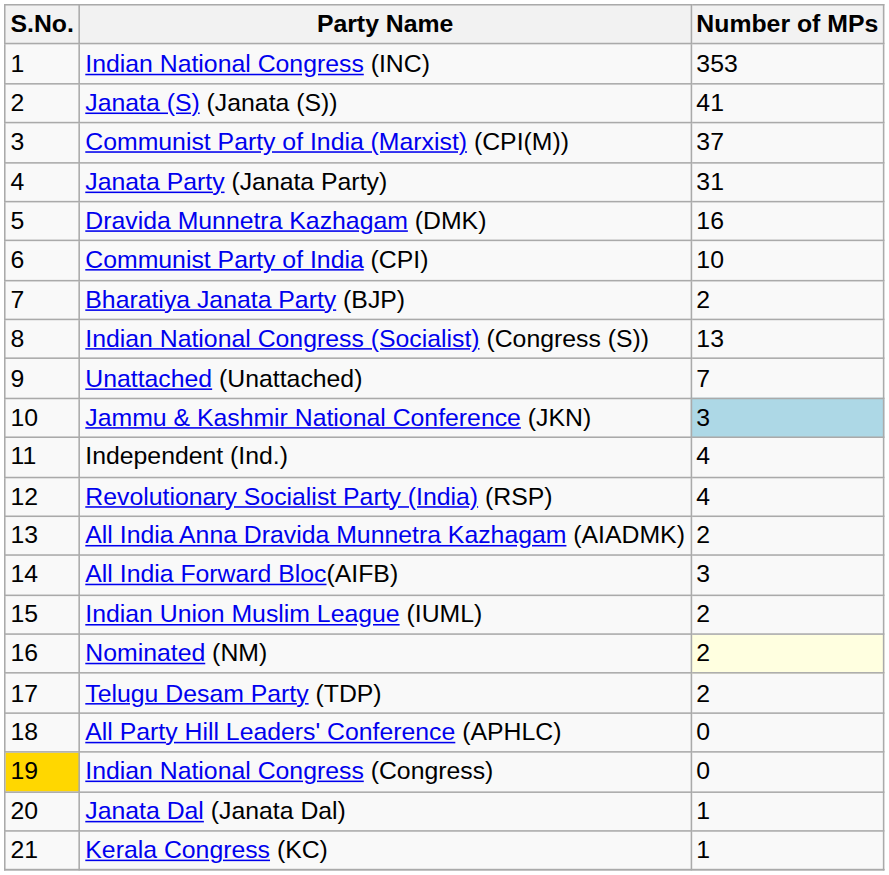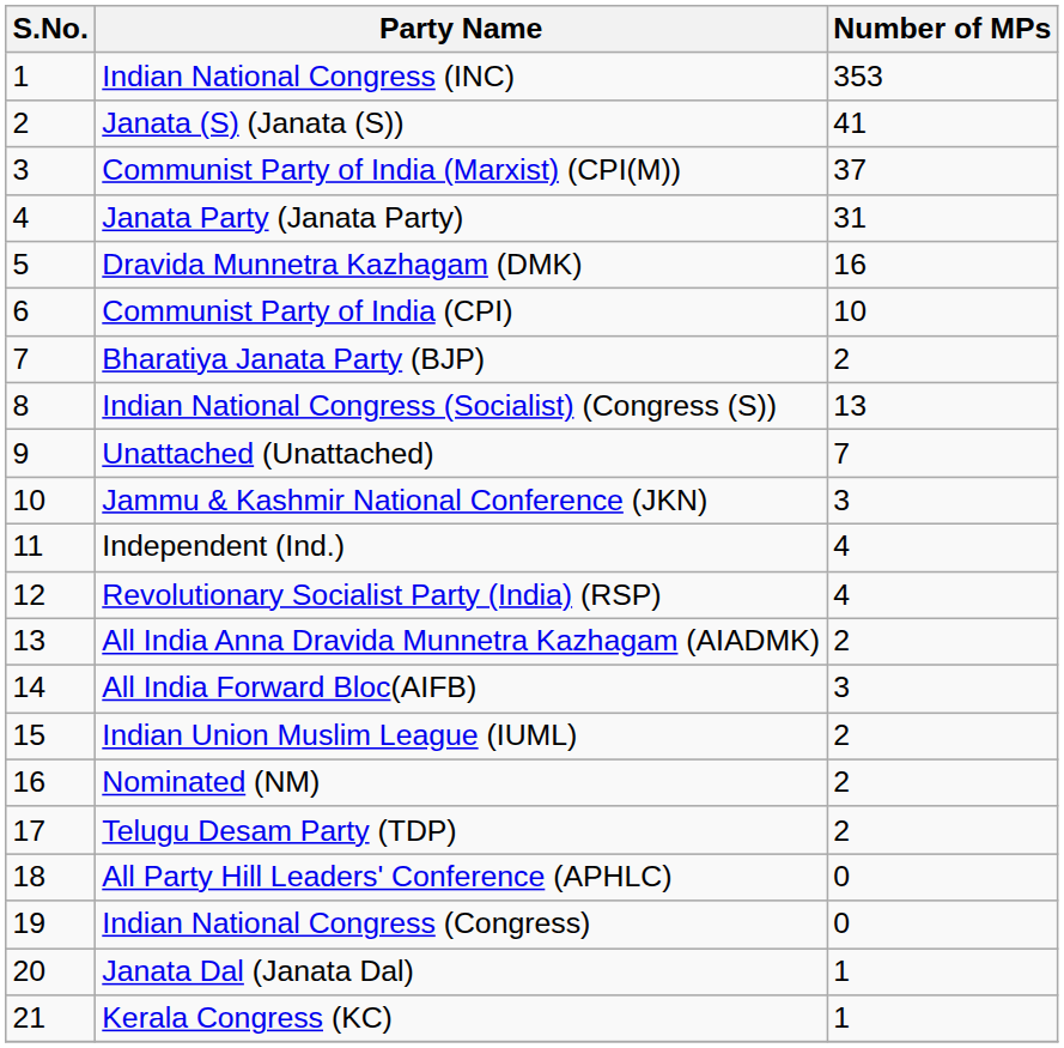 <table class="wikitable">
 <tr>
 <th>S.No.</th>
 <th>Party Name</th>
 <th>Number of MPs</th>
 </tr>
 <tr>
 <td>1</td>
 <td><a href='#'>Indian National Congress</a> (INC)</td>
 <td>353</td>
 </tr>
 <tr>
 <td>2</td>
 <td><a href='#'>Janata (S)</a> (Janata (S))</td>
 <td>41</td>
 </tr>
 <tr>
 <td>3</td>
 <td><a href='#'>Communist Party of India (Marxist)</a> (CPI(M))</td>
 <td>37</td>
 </tr>
 <tr>
 <td>4</td>
 <td><a href='#'>Janata Party</a> (Janata Party)</td>
 <td>31</td>
 </tr>
 <tr>
 <td>5</td>
 <td><a href='#'>Dravida Munnetra Kazhagam</a> (DMK)</td>
 <td>16</td>
 </tr>
 <tr>
 <td>6</td>
 <td><a href='#'>Communist Party of India</a> (CPI)</td>
 <td>10</td>
 </tr>
 <tr>
 <td>7</td>
 <td><a href='#'>Bharatiya Janata Party</a> (BJP)</td>
 <td>2</td>
 </tr>
 <tr>
 <td>8</td>
 <td><a href='#'>Indian National Congress (Socialist)</a> (Congress (S))</td>
 <td>13</td>
 </tr>
 <tr>
 <td>9</td>
 <td><a href='#'>Unattached</a> (Unattached)</td>
 <td>7</td>
 </tr>
 <tr>
 <td>10</td>
 <td><a href='#'>Jammu & Kashmir National Conference</a> (JKN)</td>
-<td style="background: lightblue;">3</td>
+<td>3</td>
 </tr>
 <tr>
 <td>11</td>
 <td>Independent (Ind.)</td>
 <td>4</td>
 </tr>
 <tr>
 <td>12</td>
 <td><a href='#'>Revolutionary Socialist Party (India)</a> (RSP)</td>
 <td>4</td>
 </tr>
 <tr>
 <td>13</td>
 <td><a href='#'>All India Anna Dravida Munnetra Kazhagam</a> (AIADMK)</td>
 <td>2</td>
 </tr>
 <tr>
 <td>14</td>
 <td><a href='#'>All India Forward Bloc</a>(AIFB)</td>
 <td>3</td>
 </tr>
 <tr>
 <td>15</td>
 <td><a href='#'>Indian Union Muslim League</a> (IUML)</td>
 <td>2</td>
 </tr>
 <tr>
 <td>16</td>
 <td><a href='#'>Nominated</a> (NM)</td>
-<td style="background: lightyellow;">2</td>
+<td>2</td>
 </tr>
 <tr>
 <td>17</td>
 <td><a href='#'>Telugu Desam Party</a> (TDP)</td>
 <td>2</td>
 </tr>
 <tr>
 <td>18</td>
 <td><a href='#'>All Party Hill Leaders' Conference</a> (APHLC)</td>
 <td>0</td>
 </tr>
 <tr>
-<td style="background: gold;">19</td>
+<td>19</td>
 <td><a href='#'>Indian National Congress</a> (Congress)</td>
 <td>0</td>
 </tr>
 <tr>
 <td>20</td>
 <td><a href='#'>Janata Dal</a> (Janata Dal)</td>
 <td>1</td>
 </tr>
 <tr>
 <td>21</td>
 <td><a href='#'>Kerala Congress</a> (KC)</td>
 <td>1</td>
 </tr>
 <tr>
 </tr>
 </table>
